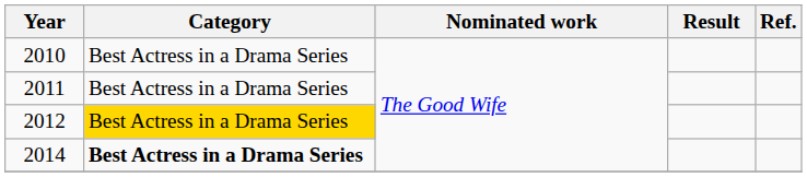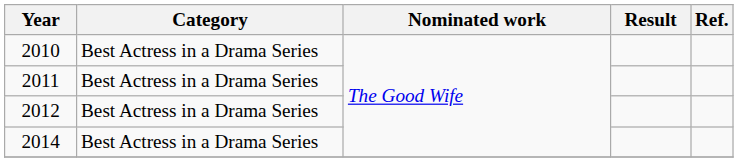 <table class=wikitable>
 <tr>
 <th scope="col" style="width:5em;">Year</th>
 <th scope="col" style="width:26em;">Category</th>
 <th scope="col" style="width:25em;">Nominated work</th>
 <th scope="col" style="width:5em;">Result</th>
 <th>Ref.</th>
 </tr>
 <tr>
 <td style="text-align:center;">2010</td>
 <td>Best Actress in a Drama Series</td>
 <td rowspan="4"><em><a href='#'>The Good Wife</a></em></td>
 <td></td>
 <td></td>
 </tr>
 <tr>
 <td style="text-align:center;">2011</td>
 <td>Best Actress in a Drama Series</td>
 <td></td>
 <td></td>
 </tr>
 <tr>
 <td style="text-align:center;">2012</td>
-<td style="background: gold;">Best Actress in a Drama Series</td>
+<td>Best Actress in a Drama Series</td>
 <td></td>
 <td></td>
 </tr>
 <tr>
 <td style="text-align:center;">2014</td>
-<td><strong>Best Actress in a Drama Series</strong></td>
+<td>Best Actress in a Drama Series</td>
 <td></td>
 <td></td>
 </tr>
 <tr>
 </tr>
 </table>
